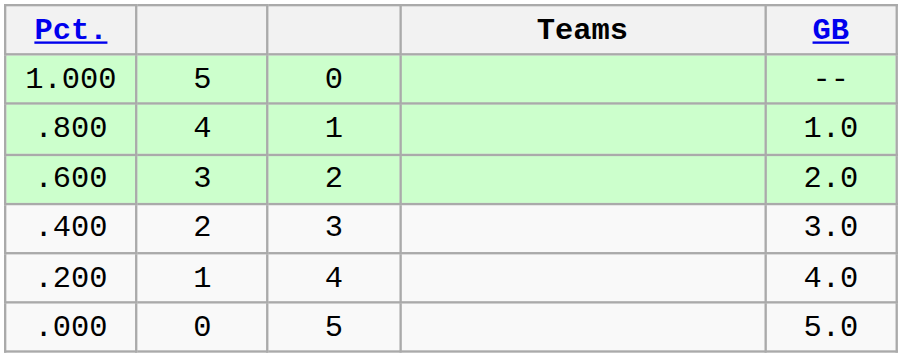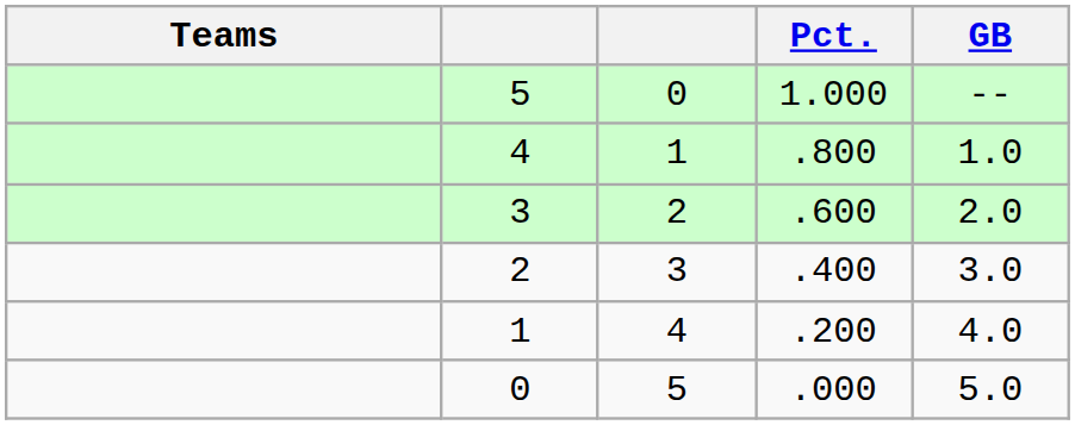 <table class="wikitable" style="text-align:center;">
 <tr>
-<th width="50px"><a href='#'>Pct.</a></th>
+<th width="150px">Teams</th>
 <th width="50px"></th>
 <th width="50px"></th>
-<th width="150px">Teams</th>
+<th width="50px"><a href='#'>Pct.</a></th>
 <th width="50px"><a href='#'>GB</a></th>
 </tr>
 <tr style="background-color:#ccffcc">
-<td>1.000</td>
+<td align="left"></td>
 <td>5</td>
 <td>0</td>
-<td align="left"></td>
+<td>1.000</td>
 <td>--</td>
 </tr>
 <tr style="background-color:#ccffcc">
-<td>.800</td>
+<td align="left"></td>
 <td>4</td>
 <td>1</td>
-<td align="left"></td>
+<td>.800</td>
 <td>1.0</td>
 </tr>
 <tr style="background-color:#ccffcc">
-<td>.600</td>
+<td align="left"></td>
 <td>3</td>
 <td>2</td>
-<td align="left"></td>
+<td>.600</td>
 <td>2.0</td>
 </tr>
 <tr style="background-color:">
-<td>.400</td>
+<td align="left"></td>
 <td>2</td>
 <td>3</td>
-<td align="left"></td>
+<td>.400</td>
 <td>3.0</td>
 </tr>
 <tr style="background-color:">
-<td>.200</td>
+<td align="left"></td>
 <td>1</td>
 <td>4</td>
-<td align="left"></td>
+<td>.200</td>
 <td>4.0</td>
 </tr>
 <tr style="background-color:">
-<td>.000</td>
+<td align="left"></td>
 <td>0</td>
 <td>5</td>
-<td align="left"></td>
+<td>.000</td>
 <td>5.0</td>
 </tr>
 </table>
